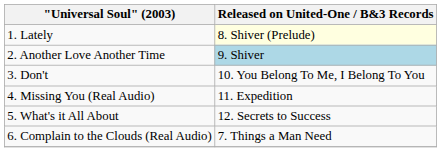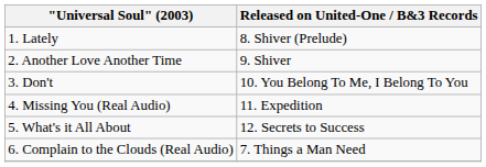 <table class="wikitable" border="1">
 <tr>
 <th>"Universal Soul" (2003)</th>
 <th>Released on United-One / B&3 Records</th>
 </tr>
 <tr>
 <td>1. Lately</td>
-<td style="background: lightyellow;">8. Shiver (Prelude)</td>
+<td>8. Shiver (Prelude)</td>
 </tr>
 <tr>
 <td>2. Another Love Another Time</td>
-<td style="background: lightblue;">9. Shiver</td>
+<td>9. Shiver</td>
 </tr>
 <tr>
 <td>3. Don't</td>
 <td>10. You Belong To Me, I Belong To You</td>
 </tr>
 <tr>
 <td>4. Missing You (Real Audio)</td>
 <td>11. Expedition</td>
 </tr>
 <tr>
 <td>5. What's it All About</td>
 <td>12. Secrets to Success</td>
 </tr>
 <tr>
 <td>6. Complain to the Clouds (Real Audio)</td>
 <td>7. Things a Man Need</td>
 </tr>
 <tr>
 </tr>
 </table>
